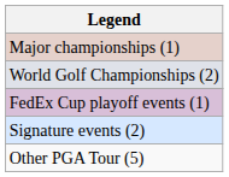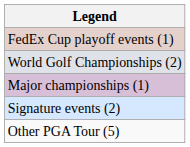 <table class="wikitable" style="font-size:95%;">
 <tr>
 <th>Legend</th>
 </tr>
 <tr style="background:#e5d1cb;">
-<td>Major championships (1)</td>
+<td>FedEx Cup playoff events (1)</td>
 </tr>
 <tr style="background:#dfe2e9;">
 <td>World Golf Championships (2)</td>
 </tr>
 <tr>
 </tr>
 <tr style="background:thistle;">
-<td>FedEx Cup playoff events (1)</td>
+<td>Major championships (1)</td>
 </tr>
 <tr style="background:#D6E8FF;">
 <td>Signature events (2)</td>
 </tr>
 <tr>
 <td>Other PGA Tour (5)</td>
 </tr>
 </table>
